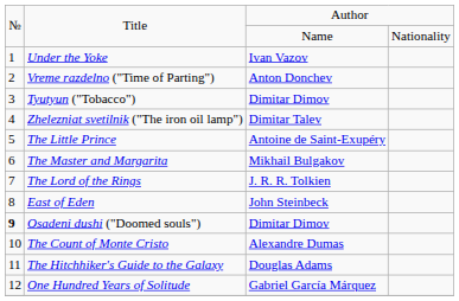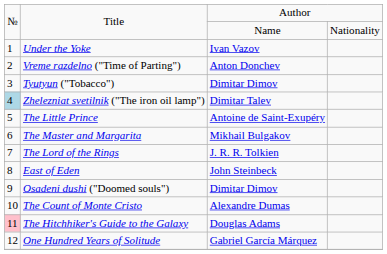 <table class="wikitable" border="1">
 <tr style="text-align:center;">
 <td rowspan=2>№</td>
 <td rowspan=2>Title</td>
 <td colspan=2>Author</td>
 </tr>
 <tr style="text-align:center;">
 <td>Name</td>
 <td>Nationality</td>
 </tr>
 <tr>
 <td>1</td>
 <td><em><a href='#'>Under the Yoke</a></em></td>
 <td><a href='#'>Ivan Vazov</a></td>
 <td style="text-align:center;"></td>
 </tr>
 <tr>
 <td>2</td>
 <td><em><a href='#'>Vreme razdelno</a></em> ("Time of Parting")</td>
 <td><a href='#'>Anton Donchev</a></td>
 <td style="text-align:center;"></td>
 </tr>
 <tr>
 <td>3</td>
 <td><em><a href='#'>Tyutyun</a></em> ("Tobacco")</td>
 <td><a href='#'>Dimitar Dimov</a></td>
 <td style="text-align:center;"></td>
 </tr>
 <tr>
-<td>4</td>
+<td style="background: lightblue;">4</td>
 <td><em><a href='#'>Zhelezniat svetilnik</a></em> ("The iron oil lamp")</td>
 <td><a href='#'>Dimitar Talev</a></td>
 <td style="text-align:center;"></td>
 </tr>
 <tr>
 <td>5</td>
 <td><em><a href='#'>The Little Prince</a></em></td>
 <td><a href='#'>Antoine de Saint-Exupéry</a></td>
 <td style="text-align:center;"></td>
 </tr>
 <tr>
 <td>6</td>
 <td><em><a href='#'>The Master and Margarita</a></em></td>
 <td><a href='#'>Mikhail Bulgakov</a></td>
 <td style="text-align:center;"></td>
 </tr>
 <tr>
 <td>7</td>
 <td><em><a href='#'>The Lord of the Rings</a></em></td>
 <td><a href='#'>J. R. R. Tolkien</a></td>
 <td style="text-align:center;"></td>
 </tr>
 <tr>
 <td>8</td>
 <td><em><a href='#'>East of Eden</a></em></td>
 <td><a href='#'>John Steinbeck</a></td>
 <td style="text-align:center;"></td>
 </tr>
 <tr>
-<td><strong>9</strong></td>
+<td>9</td>
 <td><em><a href='#'>Osadeni dushi</a></em> ("Doomed souls")</td>
 <td><a href='#'>Dimitar Dimov</a></td>
 <td style="text-align:center;"></td>
 </tr>
 <tr>
 <td>10</td>
 <td><em><a href='#'>The Count of Monte Cristo</a></em></td>
 <td><a href='#'>Alexandre Dumas</a></td>
 <td style="text-align:center;"></td>
 </tr>
 <tr>
-<td>11</td>
+<td style="background: pink;">11</td>
 <td><em><a href='#'>The Hitchhiker's Guide to the Galaxy</a></em></td>
 <td><a href='#'>Douglas Adams</a></td>
 <td style="text-align:center;"></td>
 </tr>
 <tr>
 <td>12</td>
 <td><em><a href='#'>One Hundred Years of Solitude</a></em></td>
 <td><a href='#'>Gabriel García Márquez</a></td>
 <td style="text-align:center;"></td>
 </tr>
 <tr>
 </tr>
 </table>
